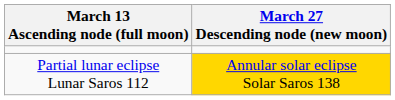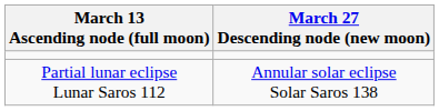 <table class="wikitable">
 <tr>
 <th>March 13<br>Ascending node (full moon)</th>
 <th><a href='#'>March 27</a><br>Descending node (new moon)</th>
 </tr>
 <tr>
 <td></td>
 <td></td>
 </tr>
 <tr align=center>
 <td><a href='#'>Partial lunar eclipse</a><br>Lunar Saros 112</td>
-<td style="background: gold;"><a href='#'>Annular solar eclipse</a><br>Solar Saros 138</td>
+<td><a href='#'>Annular solar eclipse</a><br>Solar Saros 138</td>
 </tr>
 </table>
